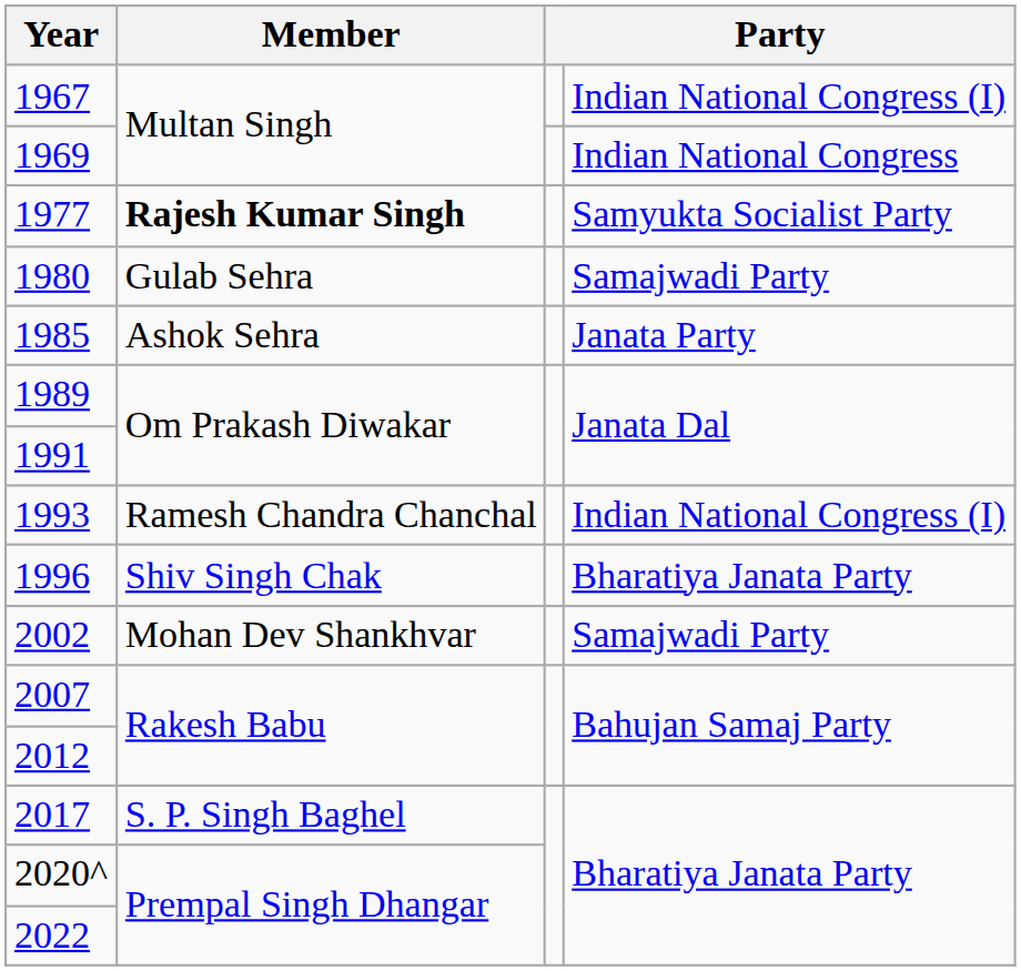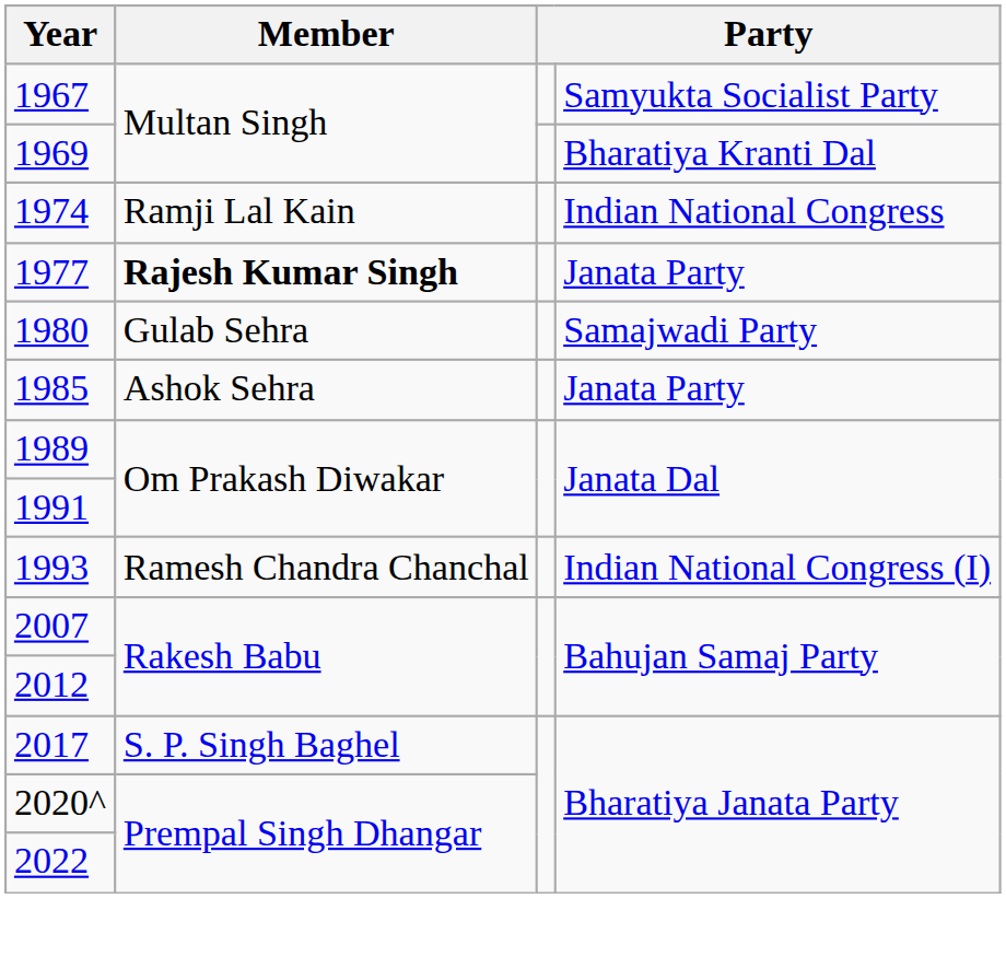 <table class="wikitable">
 <tr>
 <th>Year</th>
 <th>Member</th>
 <th colspan="2">Party</th>
 </tr>
 <tr>
 <td><a href='#'>1967</a></td>
 <td rowspan="2">Multan Singh</td>
 <td style="background-color: "></td>
-<td><a href='#'>Indian National Congress (I)</a></td>
+<td><a href='#'>Samyukta Socialist Party</a></td>
 </tr>
 <tr>
 <td><a href='#'>1969</a></td>
+<td style="background-color: "></td>
+<td><a href='#'>Bharatiya Kranti Dal</a></td>
+</tr>
+<tr>
+<td><a href='#'>1974</a></td>
+<td>Ramji Lal Kain</td>
 <td style="background-color: "></td>
 <td><a href='#'>Indian National Congress</a></td>
 </tr>
 <tr>
 <td><a href='#'>1977</a></td>
 <td><strong>Rajesh Kumar Singh</strong></td>
 <td style="background-color: "></td>
-<td><a href='#'>Samyukta Socialist Party</a></td>
+<td><a href='#'>Janata Party</a></td>
 </tr>
 <tr>
 <td><a href='#'>1980</a></td>
 <td>Gulab Sehra</td>
 <td style="background-color: "></td>
 <td><a href='#'>Samajwadi Party</a></td>
 </tr>
 <tr>
 <td><a href='#'>1985</a></td>
 <td>Ashok Sehra</td>
 <td style="background-color: "></td>
 <td><a href='#'>Janata Party</a></td>
 </tr>
 <tr>
 <td><a href='#'>1989</a></td>
 <td rowspan="2">Om Prakash Diwakar</td>
 <td rowspan="2" style="background-color: "></td>
 <td rowspan="2"><a href='#'>Janata Dal</a></td>
 </tr>
 <tr>
 <td><a href='#'>1991</a></td>
 </tr>
 <tr>
 <td><a href='#'>1993</a></td>
 <td>Ramesh Chandra Chanchal</td>
 <td style="background-color: "></td>
 <td><a href='#'>Indian National Congress (I)</a></td>
 </tr>
 <tr>
-<td><a href='#'>1996</a></td>
-<td><a href='#'>Shiv Singh Chak</a></td>
-<td style="background-color: "></td>
-<td><a href='#'>Bharatiya Janata Party</a></td>
-</tr>
-<tr>
-<td><a href='#'>2002</a></td>
-<td>Mohan Dev Shankhvar</td>
-<td style="background-color: "></td>
-<td><a href='#'>Samajwadi Party</a></td>
-</tr>
-<tr>
 <td><a href='#'>2007</a></td>
 <td rowspan="2"><a href='#'>Rakesh Babu</a></td>
 <td rowspan="2" style="background-color: "></td>
 <td rowspan="2"><a href='#'>Bahujan Samaj Party</a></td>
 </tr>
 <tr>
 <td><a href='#'>2012</a></td>
 </tr>
 <tr>
 <td><a href='#'>2017</a></td>
 <td><a href='#'>S. P. Singh Baghel</a></td>
 <td rowspan="3" style="background-color: "></td>
 <td rowspan="3"><a href='#'>Bharatiya Janata Party</a></td>
 </tr>
 <tr>
 <td>2020^</td>
 <td rowspan="2"><a href='#'>Prempal Singh Dhangar</a></td>
 </tr>
 <tr>
 <td><a href='#'>2022</a></td>
 </tr>
 </table>
